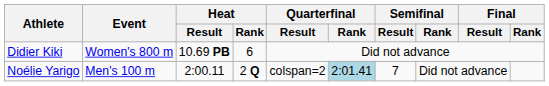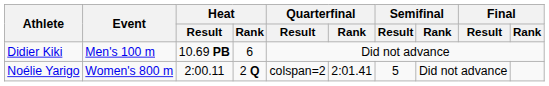 <table class=wikitable style="font-size:90%">
 <tr>
 <th rowspan="2">Athlete</th>
 <th rowspan="2">Event</th>
 <th colspan="2">Heat</th>
 <th colspan="2">Quarterfinal</th>
 <th colspan="2">Semifinal</th>
 <th colspan="2">Final</th>
 </tr>
 <tr style="font-size:95%">
 <th>Result</th>
 <th>Rank</th>
 <th>Result</th>
 <th>Rank</th>
 <th>Result</th>
 <th>Rank</th>
 <th>Result</th>
 <th>Rank</th>
 </tr>
 <tr align=center>
 <td align=left><a href='#'>Didier Kiki</a></td>
-<td align=left><a href='#'>Women's 800 m</a></td>
+<td align=left><a href='#'>Men's 100 m</a></td>
 <td>10.69 <strong>PB</strong></td>
 <td>6</td>
 <td colspan="6">Did not advance</td>
 </tr>
 <tr align=center>
 <td align=left><a href='#'>Noélie Yarigo</a></td>
-<td align=left><a href='#'>Men's 100 m</a></td>
+<td align=left><a href='#'>Women's 800 m</a></td>
 <td>2:00.11</td>
 <td>2 <strong>Q</strong></td>
 <td>colspan=2 </td>
-<td style="background: lightblue;">2:01.41</td>
-<td>7</td>
+<td>2:01.41</td>
+<td>5</td>
 <td colspan=2>Did not advance</td>
 </tr>
 </table>
